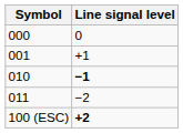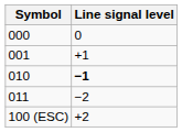 <table class="wikitable" style="float: right; margin: 0 0 1em 1em;">
 <tr>
 <th>Symbol</th>
 <th>Line signal level</th>
 </tr>
 <tr>
 <td>000</td>
 <td>0</td>
 </tr>
 <tr>
 <td>001</td>
 <td>+1</td>
 </tr>
 <tr>
 <td>010</td>
 <td><strong>−1</strong></td>
 </tr>
 <tr>
 <td>011</td>
 <td>−2</td>
 </tr>
 <tr>
 <td>100 (ESC)</td>
-<td><strong>+2</strong></td>
+<td>+2</td>
 </tr>
 </table>
